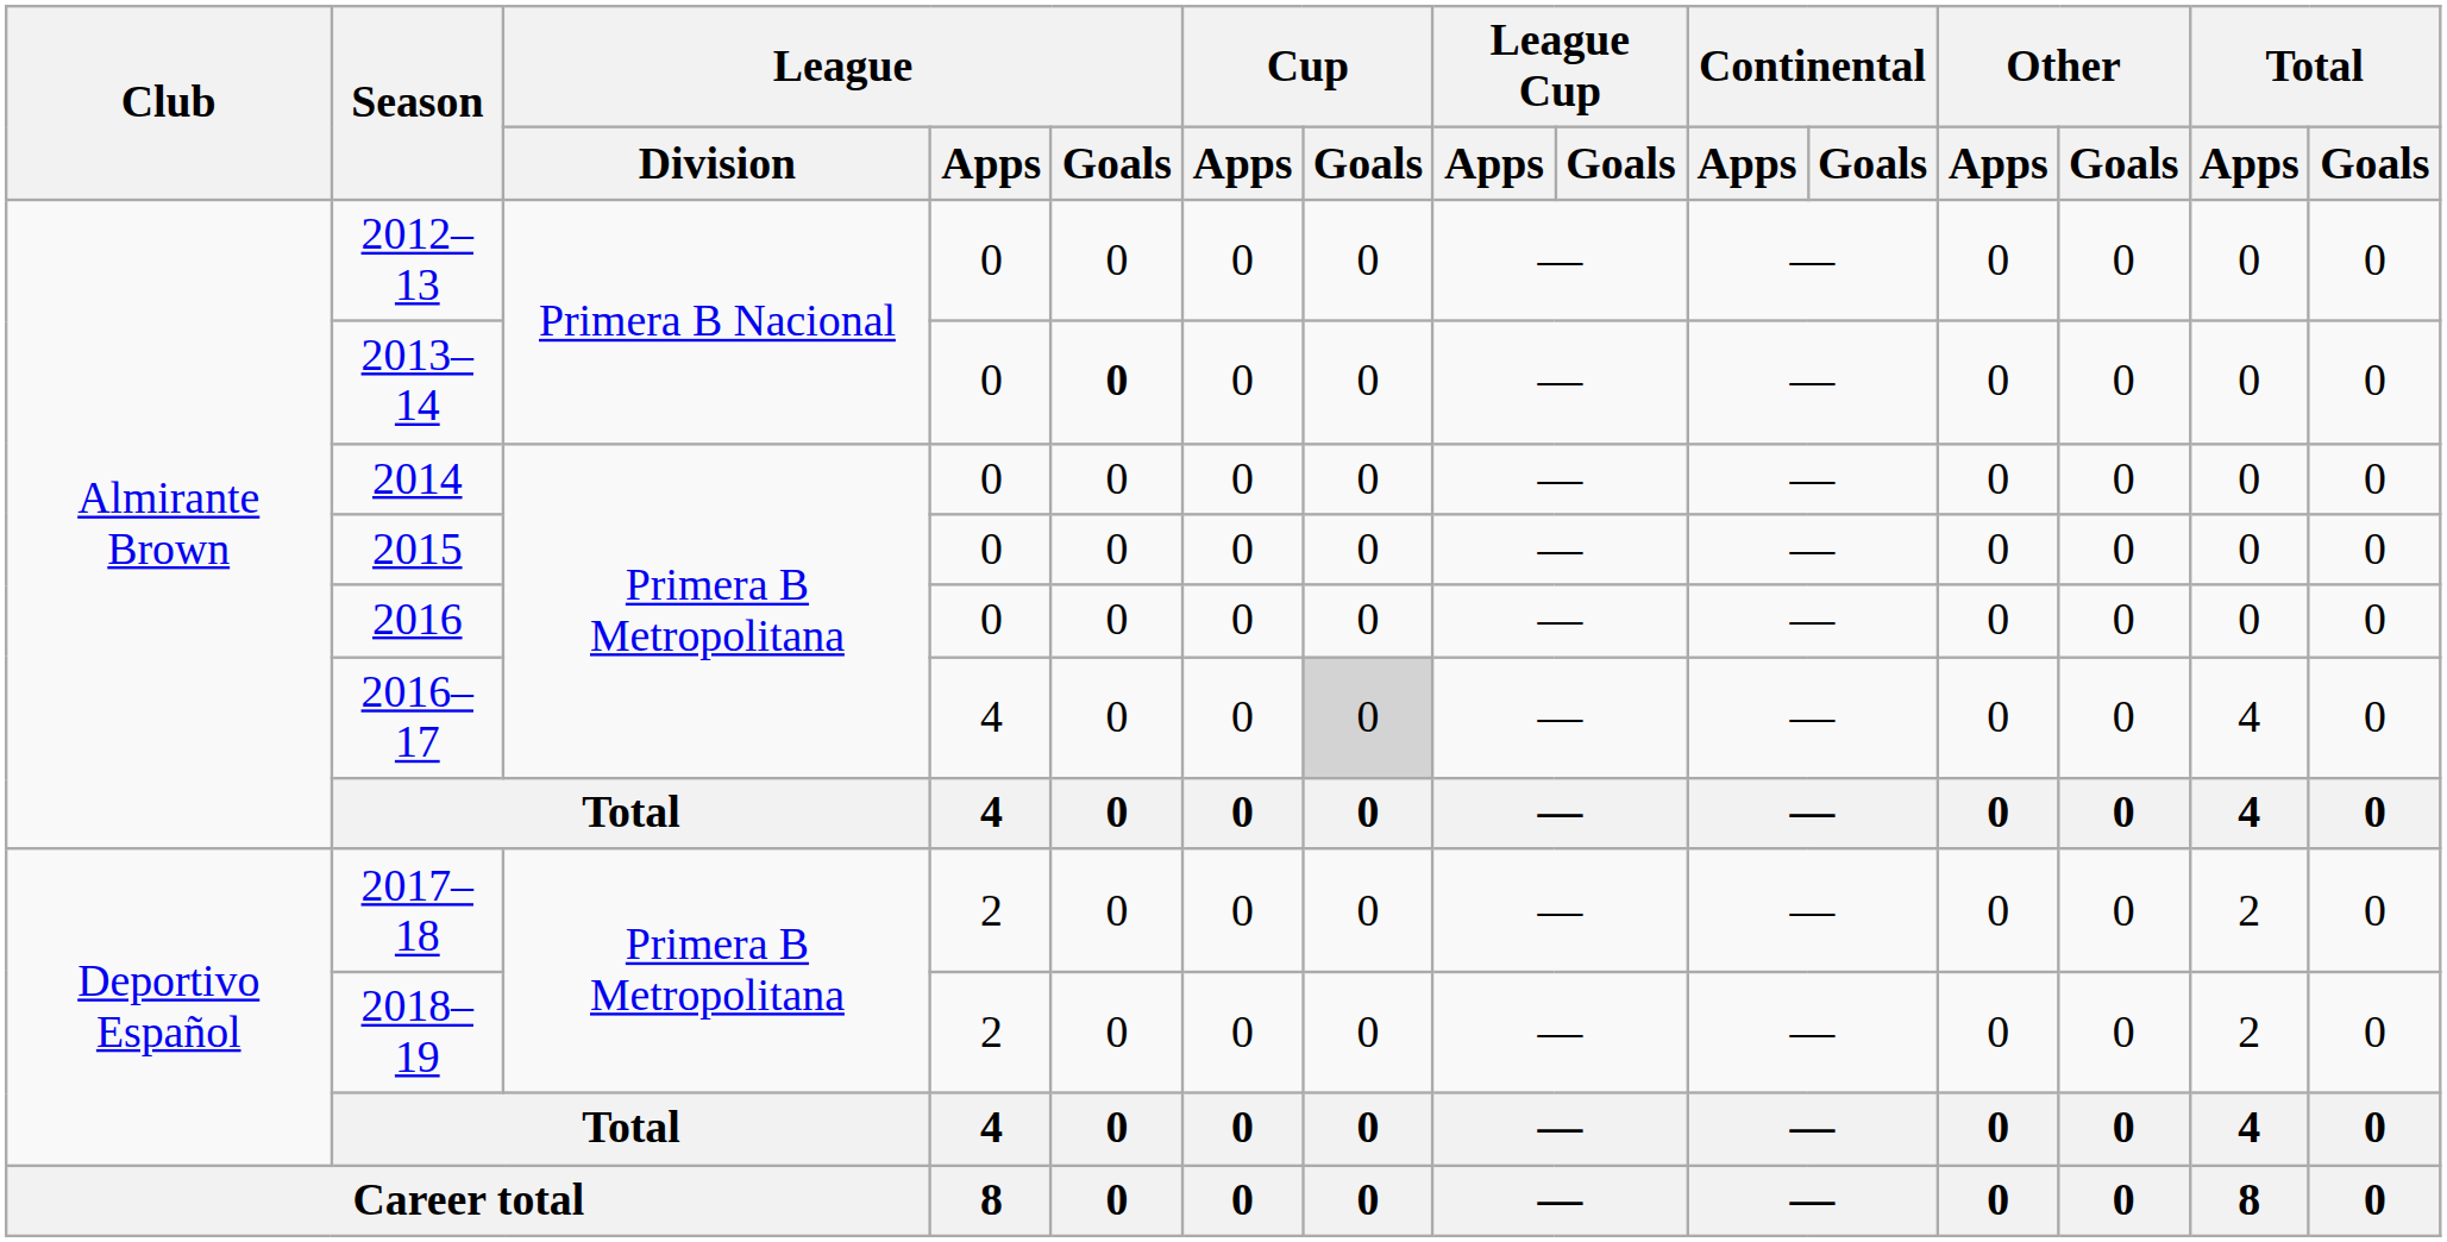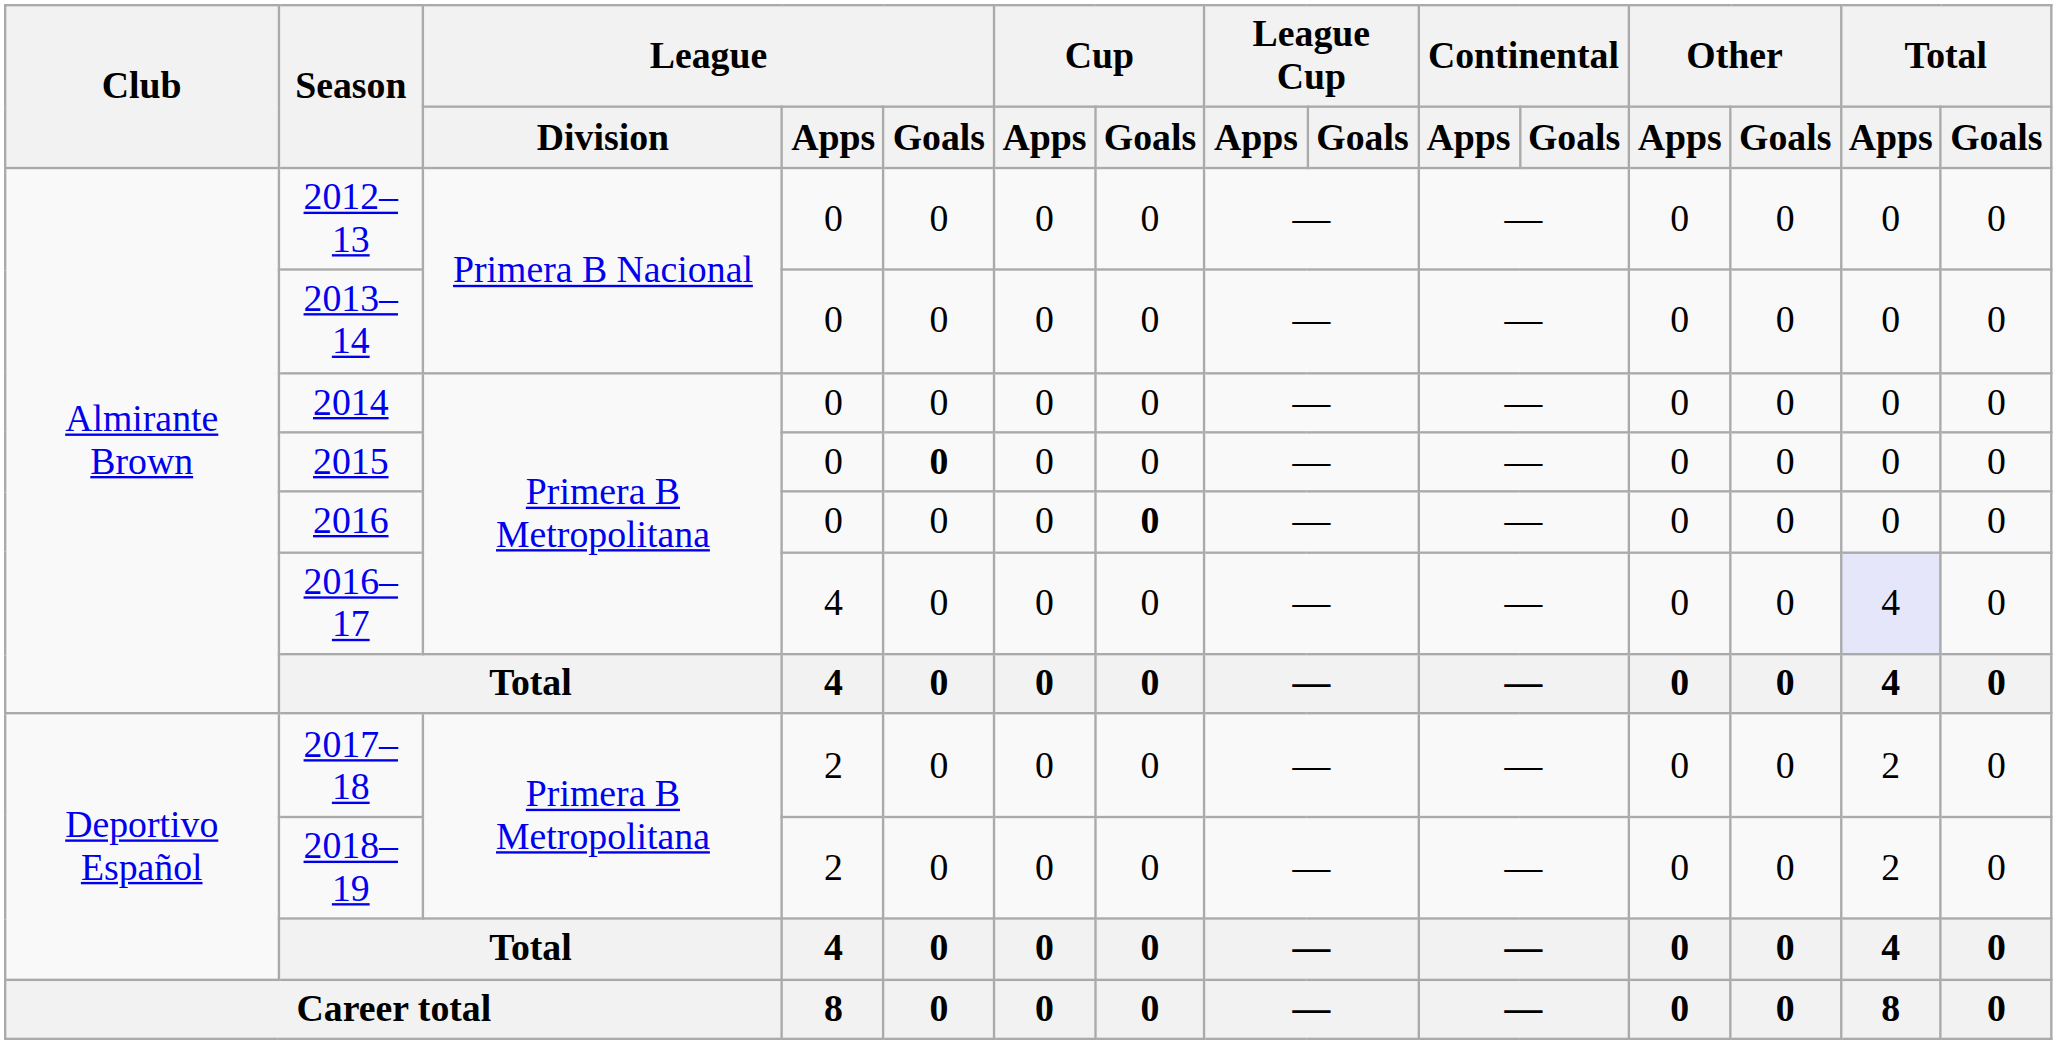 <table class="wikitable" style="text-align:center">
 <tr>
 <th rowspan="2">Club</th>
 <th rowspan="2">Season</th>
 <th colspan="3">League</th>
 <th colspan="2">Cup</th>
 <th colspan="2">League Cup</th>
 <th colspan="2">Continental</th>
 <th colspan="2">Other</th>
 <th colspan="2">Total</th>
 </tr>
 <tr>
 <th>Division</th>
 <th>Apps</th>
 <th>Goals</th>
 <th>Apps</th>
 <th>Goals</th>
 <th>Apps</th>
 <th>Goals</th>
 <th>Apps</th>
 <th>Goals</th>
 <th>Apps</th>
 <th>Goals</th>
 <th>Apps</th>
 <th>Goals</th>
 </tr>
 <tr>
 <td rowspan="7"><a href='#'>Almirante Brown</a></td>
 <td><a href='#'>2012–13</a></td>
 <td rowspan="2"><a href='#'>Primera B Nacional</a></td>
 <td>0</td>
 <td>0</td>
 <td>0</td>
 <td>0</td>
 <td colspan="2">—</td>
 <td colspan="2">—</td>
 <td>0</td>
 <td>0</td>
 <td>0</td>
 <td>0</td>
 </tr>
 <tr>
 <td><a href='#'>2013–14</a></td>
 <td>0</td>
-<td><strong>0</strong></td>
+<td>0</td>
 <td>0</td>
 <td>0</td>
 <td colspan="2">—</td>
 <td colspan="2">—</td>
 <td>0</td>
 <td>0</td>
 <td>0</td>
 <td>0</td>
 </tr>
 <tr>
 <td><a href='#'>2014</a></td>
 <td rowspan="4"><a href='#'>Primera B Metropolitana</a></td>
 <td>0</td>
 <td>0</td>
 <td>0</td>
 <td>0</td>
 <td colspan="2">—</td>
 <td colspan="2">—</td>
 <td>0</td>
 <td>0</td>
 <td>0</td>
 <td>0</td>
 </tr>
 <tr>
 <td><a href='#'>2015</a></td>
 <td>0</td>
-<td>0</td>
+<td><strong>0</strong></td>
 <td>0</td>
 <td>0</td>
 <td colspan="2">—</td>
 <td colspan="2">—</td>
 <td>0</td>
 <td>0</td>
 <td>0</td>
 <td>0</td>
 </tr>
 <tr>
 <td><a href='#'>2016</a></td>
 <td>0</td>
 <td>0</td>
 <td>0</td>
-<td>0</td>
+<td><strong>0</strong></td>
 <td colspan="2">—</td>
 <td colspan="2">—</td>
 <td>0</td>
 <td>0</td>
 <td>0</td>
 <td>0</td>
 </tr>
 <tr>
 <td><a href='#'>2016–17</a></td>
 <td>4</td>
 <td>0</td>
 <td>0</td>
-<td style="background: lightgrey;">0</td>
+<td>0</td>
 <td colspan="2">—</td>
 <td colspan="2">—</td>
 <td>0</td>
 <td>0</td>
-<td>4</td>
+<td style="background: lavender;">4</td>
 <td>0</td>
 </tr>
 <tr>
 <th colspan="2">Total</th>
 <th>4</th>
 <th>0</th>
 <th>0</th>
 <th>0</th>
 <th colspan="2">—</th>
 <th colspan="2">—</th>
 <th>0</th>
 <th>0</th>
 <th>4</th>
 <th>0</th>
 </tr>
 <tr>
 <td rowspan="3"><a href='#'>Deportivo Español</a></td>
 <td><a href='#'>2017–18</a></td>
 <td rowspan="2"><a href='#'>Primera B Metropolitana</a></td>
 <td>2</td>
 <td>0</td>
 <td>0</td>
 <td>0</td>
 <td colspan="2">—</td>
 <td colspan="2">—</td>
 <td>0</td>
 <td>0</td>
 <td>2</td>
 <td>0</td>
 </tr>
 <tr>
 <td><a href='#'>2018–19</a></td>
 <td>2</td>
 <td>0</td>
 <td>0</td>
 <td>0</td>
 <td colspan="2">—</td>
 <td colspan="2">—</td>
 <td>0</td>
 <td>0</td>
 <td>2</td>
 <td>0</td>
 </tr>
 <tr>
 <th colspan="2">Total</th>
 <th>4</th>
 <th>0</th>
 <th>0</th>
 <th>0</th>
 <th colspan="2">—</th>
 <th colspan="2">—</th>
 <th>0</th>
 <th>0</th>
 <th>4</th>
 <th>0</th>
 </tr>
 <tr>
 <th colspan="3">Career total</th>
 <th>8</th>
 <th>0</th>
 <th>0</th>
 <th>0</th>
 <th colspan="2">—</th>
 <th colspan="2">—</th>
 <th>0</th>
 <th>0</th>
 <th>8</th>
 <th>0</th>
 </tr>
 </table>
